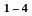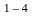 <table style="text-align:center">
 <tr>
 <th width=200></th>
 <th width=100></th>
 <th width=200></th>
 </tr>
 <tr>
 <td align=right></td>
-<td><strong>1 – 4</strong></td>
+<td>1 – 4</td>
 <td align=left><strong></strong></td>
 </tr>
 </table>
